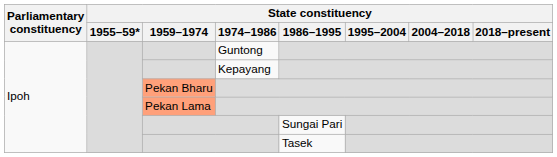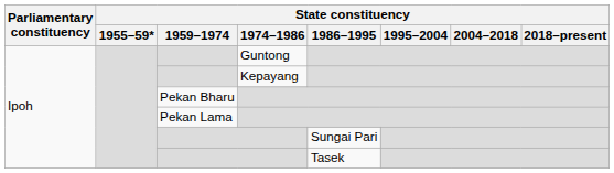 <table class="wikitable">
 <tr>
 <th rowspan="2">Parliamentary<br>constituency</th>
 <th colspan="7">State constituency</th>
 </tr>
 <tr>
 <th>1955–59*</th>
 <th>1959–1974</th>
 <th>1974–1986</th>
 <th>1986–1995</th>
 <th>1995–2004</th>
 <th>2004–2018</th>
 <th>2018–present</th>
 </tr>
 <tr>
 <td rowspan="6">Ipoh</td>
 <td rowspan="6" bgcolor="dcdcdc"></td>
 <td bgcolor="dcdcdc"></td>
 <td>Guntong</td>
 <td colspan="4" bgcolor="dcdcdc"></td>
 </tr>
 <tr>
 <td bgcolor="dcdcdc"></td>
 <td>Kepayang</td>
 <td colspan="4" bgcolor="dcdcdc"></td>
 </tr>
 <tr>
-<td style="background: lightsalmon;">Pekan Bharu</td>
+<td>Pekan Bharu</td>
 <td colspan="5" bgcolor="dcdcdc"></td>
 </tr>
 <tr>
-<td style="background: lightsalmon;">Pekan Lama</td>
+<td>Pekan Lama</td>
 <td colspan="5" bgcolor="dcdcdc"></td>
 </tr>
 <tr>
 <td colspan="2" bgcolor="dcdcdc"></td>
 <td>Sungai Pari</td>
 <td colspan="3" bgcolor="dcdcdc"></td>
 </tr>
 <tr>
 <td colspan="2" bgcolor="dcdcdc"></td>
 <td>Tasek</td>
 <td colspan="3" bgcolor="dcdcdc"></td>
 </tr>
 </table>
